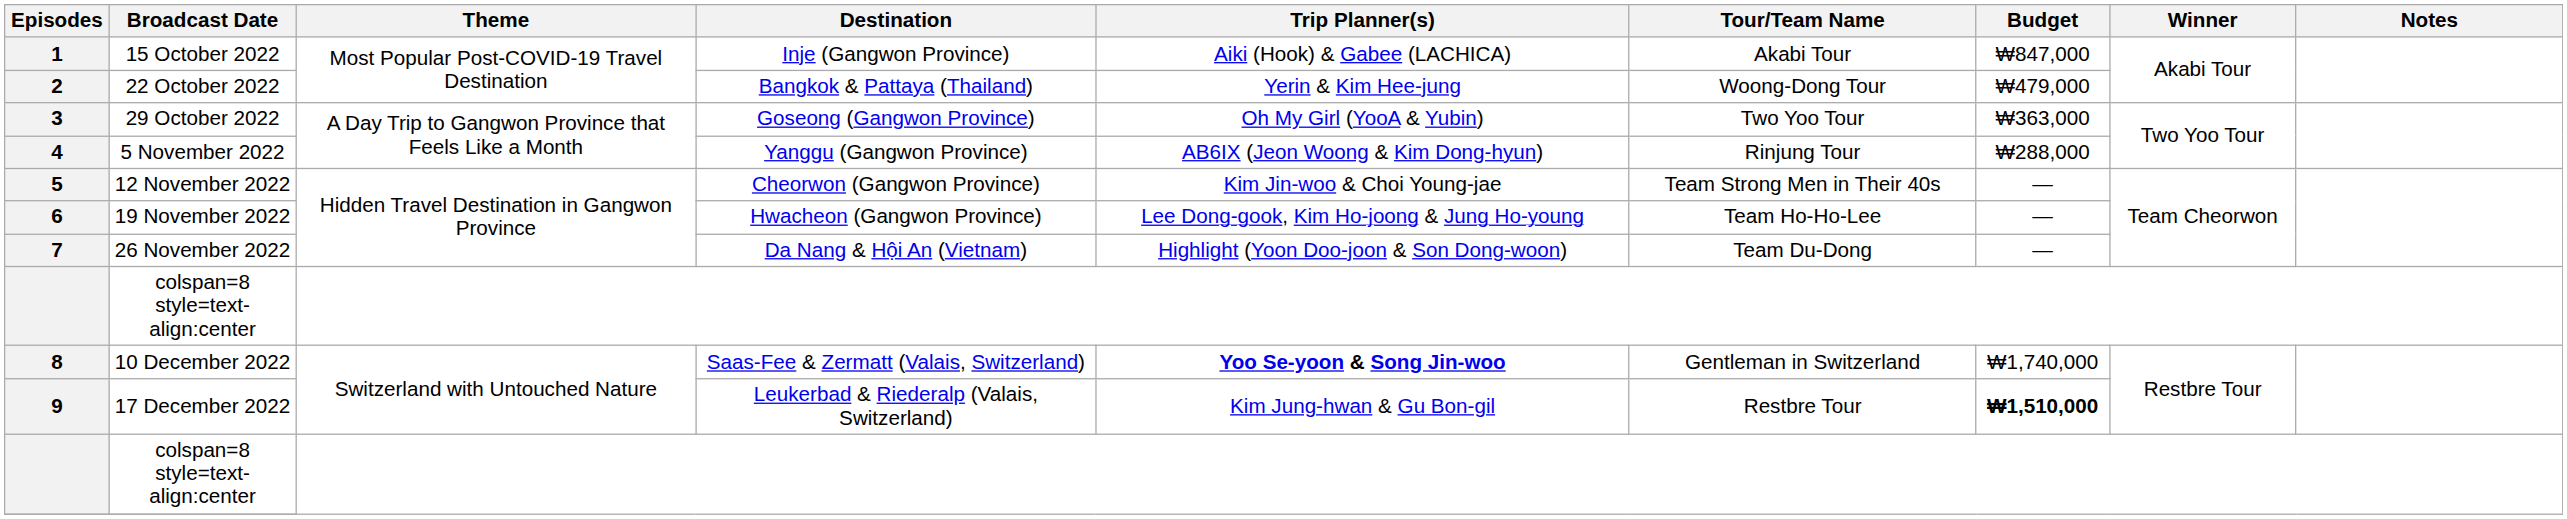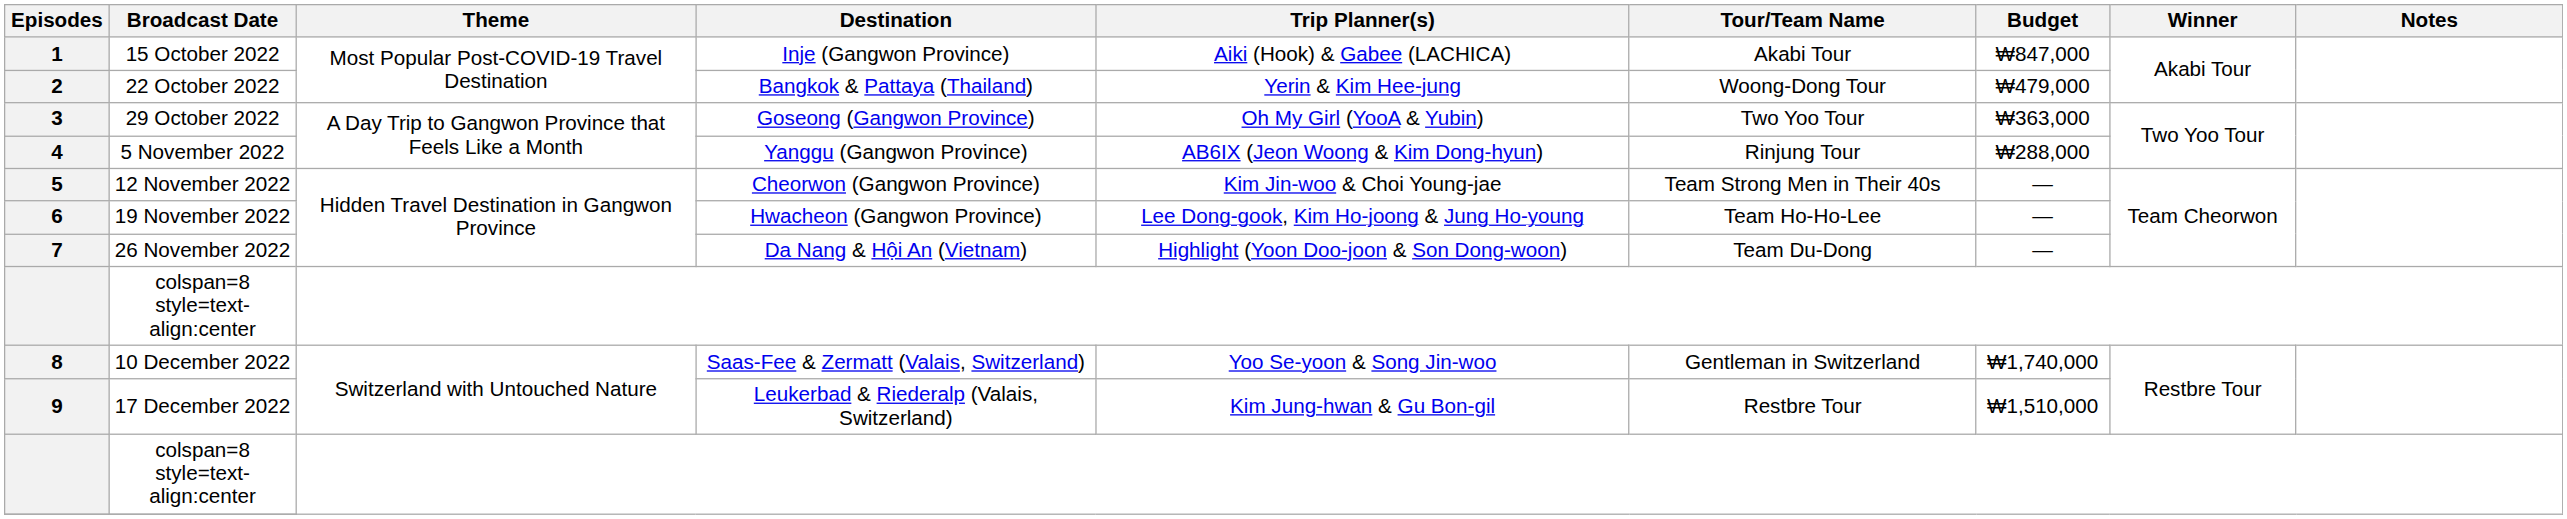 <table class=wikitable style=text-align:center;width:100%;background:#ffffff>
 <tr>
 <th width=3%>Episodes</th>
 <th width=7%>Broadcast Date</th>
 <th width=15%>Theme</th>
 <th width=15%>Destination</th>
 <th width=20%>Trip Planner(s)</th>
 <th width=13%>Tour/Team Name</th>
 <th width=5%>Budget</th>
 <th width=7%>Winner</th>
 <th width=10%>Notes</th>
 </tr>
 <tr>
 <th>1</th>
 <td>15 October 2022</td>
 <td rowspan=2>Most Popular Post-COVID-19 Travel Destination</td>
 <td><a href='#'>Inje</a> (Gangwon Province)</td>
 <td><a href='#'>Aiki</a> (Hook) & <a href='#'>Gabee</a> (LACHICA)</td>
 <td>Akabi Tour</td>
 <td>₩847,000</td>
 <td rowspan=2>Akabi Tour</td>
 <td rowspan=2></td>
 </tr>
 <tr>
 <th>2</th>
 <td>22 October 2022</td>
 <td><a href='#'>Bangkok</a> & <a href='#'>Pattaya</a> (<a href='#'>Thailand</a>)</td>
 <td><a href='#'>Yerin</a> & <a href='#'>Kim Hee-jung</a></td>
 <td>Woong-Dong Tour</td>
 <td>₩479,000</td>
 </tr>
 <tr>
 <th>3</th>
 <td>29 October 2022</td>
 <td rowspan=2>A Day Trip to Gangwon Province that Feels Like a Month</td>
 <td><a href='#'>Goseong</a> (<a href='#'>Gangwon Province</a>)</td>
 <td><a href='#'>Oh My Girl</a> (<a href='#'>YooA</a> & <a href='#'>Yubin</a>)</td>
 <td>Two Yoo Tour</td>
 <td>₩363,000</td>
 <td rowspan=2>Two Yoo Tour</td>
 <td rowspan=2></td>
 </tr>
 <tr>
 <th>4</th>
 <td>5 November 2022</td>
 <td><a href='#'>Yanggu</a> (Gangwon Province)</td>
 <td><a href='#'>AB6IX</a> (<a href='#'>Jeon Woong</a> & <a href='#'>Kim Dong-hyun</a>)</td>
 <td>Rinjung Tour</td>
 <td>₩288,000</td>
 </tr>
 <tr>
 <th>5</th>
 <td>12 November 2022</td>
 <td rowspan=3>Hidden Travel Destination in Gangwon Province</td>
 <td><a href='#'>Cheorwon</a> (Gangwon Province)</td>
 <td><a href='#'>Kim Jin-woo</a> & Choi Young-jae</td>
 <td>Team Strong Men in Their 40s</td>
 <td>—</td>
 <td rowspan=3>Team Cheorwon</td>
 <td rowspan=3></td>
 </tr>
 <tr>
 <th>6</th>
 <td>19 November 2022</td>
 <td><a href='#'>Hwacheon</a> (Gangwon Province)</td>
 <td><a href='#'>Lee Dong-gook</a>, <a href='#'>Kim Ho-joong</a> & <a href='#'>Jung Ho-young</a></td>
 <td>Team Ho-Ho-Lee</td>
 <td>—</td>
 </tr>
 <tr>
 <th>7</th>
 <td>26 November 2022</td>
 <td><a href='#'>Da Nang</a> & <a href='#'>Hội An</a> (<a href='#'>Vietnam</a>)</td>
 <td><a href='#'>Highlight</a> (<a href='#'>Yoon Doo-joon</a> & <a href='#'>Son Dong-woon</a>)</td>
 <td>Team Du-Dong</td>
 <td>—</td>
 </tr>
 <tr>
 <th></th>
 <td>colspan=8 style=text-align:center </td>
 </tr>
 <tr>
 <th>8</th>
 <td>10 December 2022</td>
 <td rowspan=2>Switzerland with Untouched Nature</td>
 <td><a href='#'>Saas-Fee</a> & <a href='#'>Zermatt</a> (<a href='#'>Valais</a>, <a href='#'>Switzerland</a>)</td>
-<td><strong><a href='#'>Yoo Se-yoon</a> & <a href='#'>Song Jin-woo</a></strong></td>
+<td><a href='#'>Yoo Se-yoon</a> & <a href='#'>Song Jin-woo</a></td>
 <td>Gentleman in Switzerland</td>
 <td>₩1,740,000</td>
 <td rowspan=2>Restbre Tour</td>
 <td rowspan=2></td>
 </tr>
 <tr>
 <th>9</th>
 <td>17 December 2022</td>
 <td><a href='#'>Leukerbad</a> & <a href='#'>Riederalp</a> (Valais, Switzerland)</td>
 <td><a href='#'>Kim Jung-hwan</a> & <a href='#'>Gu Bon-gil</a></td>
 <td>Restbre Tour</td>
-<td><strong>₩1,510,000</strong></td>
+<td>₩1,510,000</td>
 </tr>
 <tr>
 <th></th>
 <td>colspan=8 style=text-align:center </td>
 </tr>
 <tr>
 </tr>
 </table>
